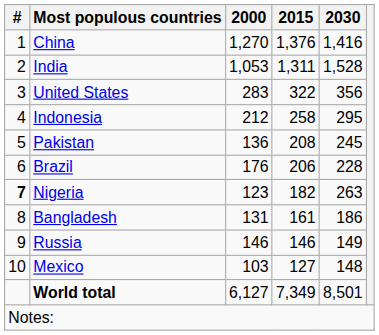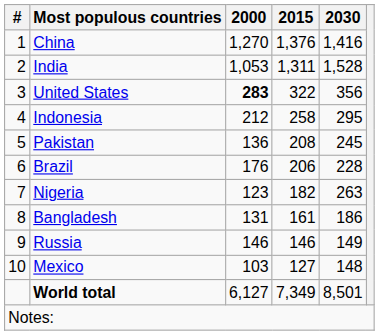 <table class="wikitable" style="font-size:90%">
 <tr>
 <th scope="col">#</th>
 <th scope="col">Most populous countries</th>
 <th scope="col">2000</th>
 <th scope="col">2015</th>
 <th scope="col">2030</th>
 <th rowspan="12"><br></th>
 </tr>
 <tr>
 <td style="text-align:right;">1</td>
 <td style="text-align:left;"> <a href='#'>China</a></td>
 <td style="text-align:right;">1,270</td>
 <td style="text-align:right;">1,376</td>
 <td style="text-align:right;">1,416</td>
 </tr>
 <tr>
 <td style="text-align:right;">2</td>
 <td style="text-align:left;"> <a href='#'>India</a></td>
 <td style="text-align:right;">1,053</td>
 <td style="text-align:right;">1,311</td>
 <td style="text-align:right;">1,528</td>
 </tr>
 <tr>
 <td style="text-align:right;">3</td>
 <td style="text-align:left;"> <a href='#'>United States</a></td>
-<td style="text-align:right;">283</td>
+<td style="text-align:right;"><strong>283</strong></td>
 <td style="text-align:right;">322</td>
 <td style="text-align:right;">356</td>
 </tr>
 <tr>
 <td style="text-align:right;">4</td>
 <td style="text-align:left;"> <a href='#'>Indonesia</a></td>
 <td style="text-align:right;">212</td>
 <td style="text-align:right;">258</td>
 <td style="text-align:right;">295</td>
 </tr>
 <tr>
 <td style="text-align:right;">5</td>
 <td style="text-align:left;"> <a href='#'>Pakistan</a></td>
 <td style="text-align:right;">136</td>
 <td style="text-align:right;">208</td>
 <td style="text-align:right;">245</td>
 </tr>
 <tr>
 <td style="text-align:right;">6</td>
 <td style="text-align:left;"> <a href='#'>Brazil</a></td>
 <td style="text-align:right;">176</td>
 <td style="text-align:right;">206</td>
 <td style="text-align:right;">228</td>
 </tr>
 <tr>
-<td style="text-align:right;"><strong>7</strong></td>
+<td style="text-align:right;">7</td>
 <td style="text-align:left;"> <a href='#'>Nigeria</a></td>
 <td style="text-align:right;">123</td>
 <td style="text-align:right;">182</td>
 <td style="text-align:right;">263</td>
 </tr>
 <tr>
 <td style="text-align:right;">8</td>
 <td style="text-align:left;"> <a href='#'>Bangladesh</a></td>
 <td style="text-align:right;">131</td>
 <td style="text-align:right;">161</td>
 <td style="text-align:right;">186</td>
 </tr>
 <tr>
 <td style="text-align:right;">9</td>
 <td style="text-align:left;"> <a href='#'>Russia</a></td>
 <td style="text-align:right;">146</td>
 <td style="text-align:right;">146</td>
 <td style="text-align:right;">149</td>
 </tr>
 <tr>
 <td style="text-align:right;">10</td>
 <td style="text-align:left;"> <a href='#'>Mexico</a></td>
 <td style="text-align:right;">103</td>
 <td style="text-align:right;">127</td>
 <td style="text-align:right;">148</td>
 </tr>
 <tr>
 <td></td>
 <td style="text-align:left;"><strong>World total</strong></td>
 <td style="text-align:right;">6,127</td>
 <td style="text-align:right;">7,349</td>
 <td style="text-align:right;">8,501</td>
 </tr>
 <tr>
 <td colspan="6" style="text-align:left;">Notes:<br></td>
 </tr>
 </table>
